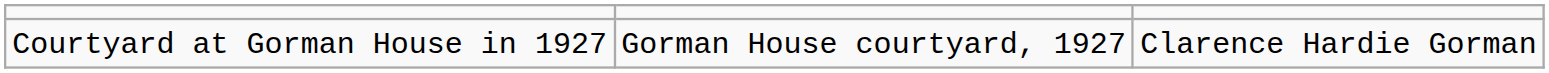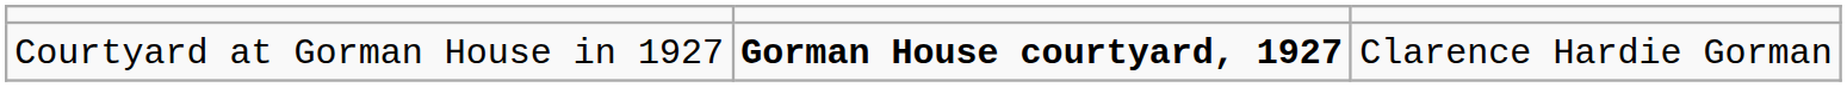 <table class="wikitable" border="1">
 <tr>
 <td></td>
 <td></td>
 <td></td>
 </tr>
 <tr>
 <td>Courtyard at Gorman House in 1927</td>
-<td>Gorman House courtyard, 1927</td>
+<td><strong>Gorman House courtyard, 1927</strong></td>
 <td>Clarence Hardie Gorman</td>
 </tr>
 </table>
